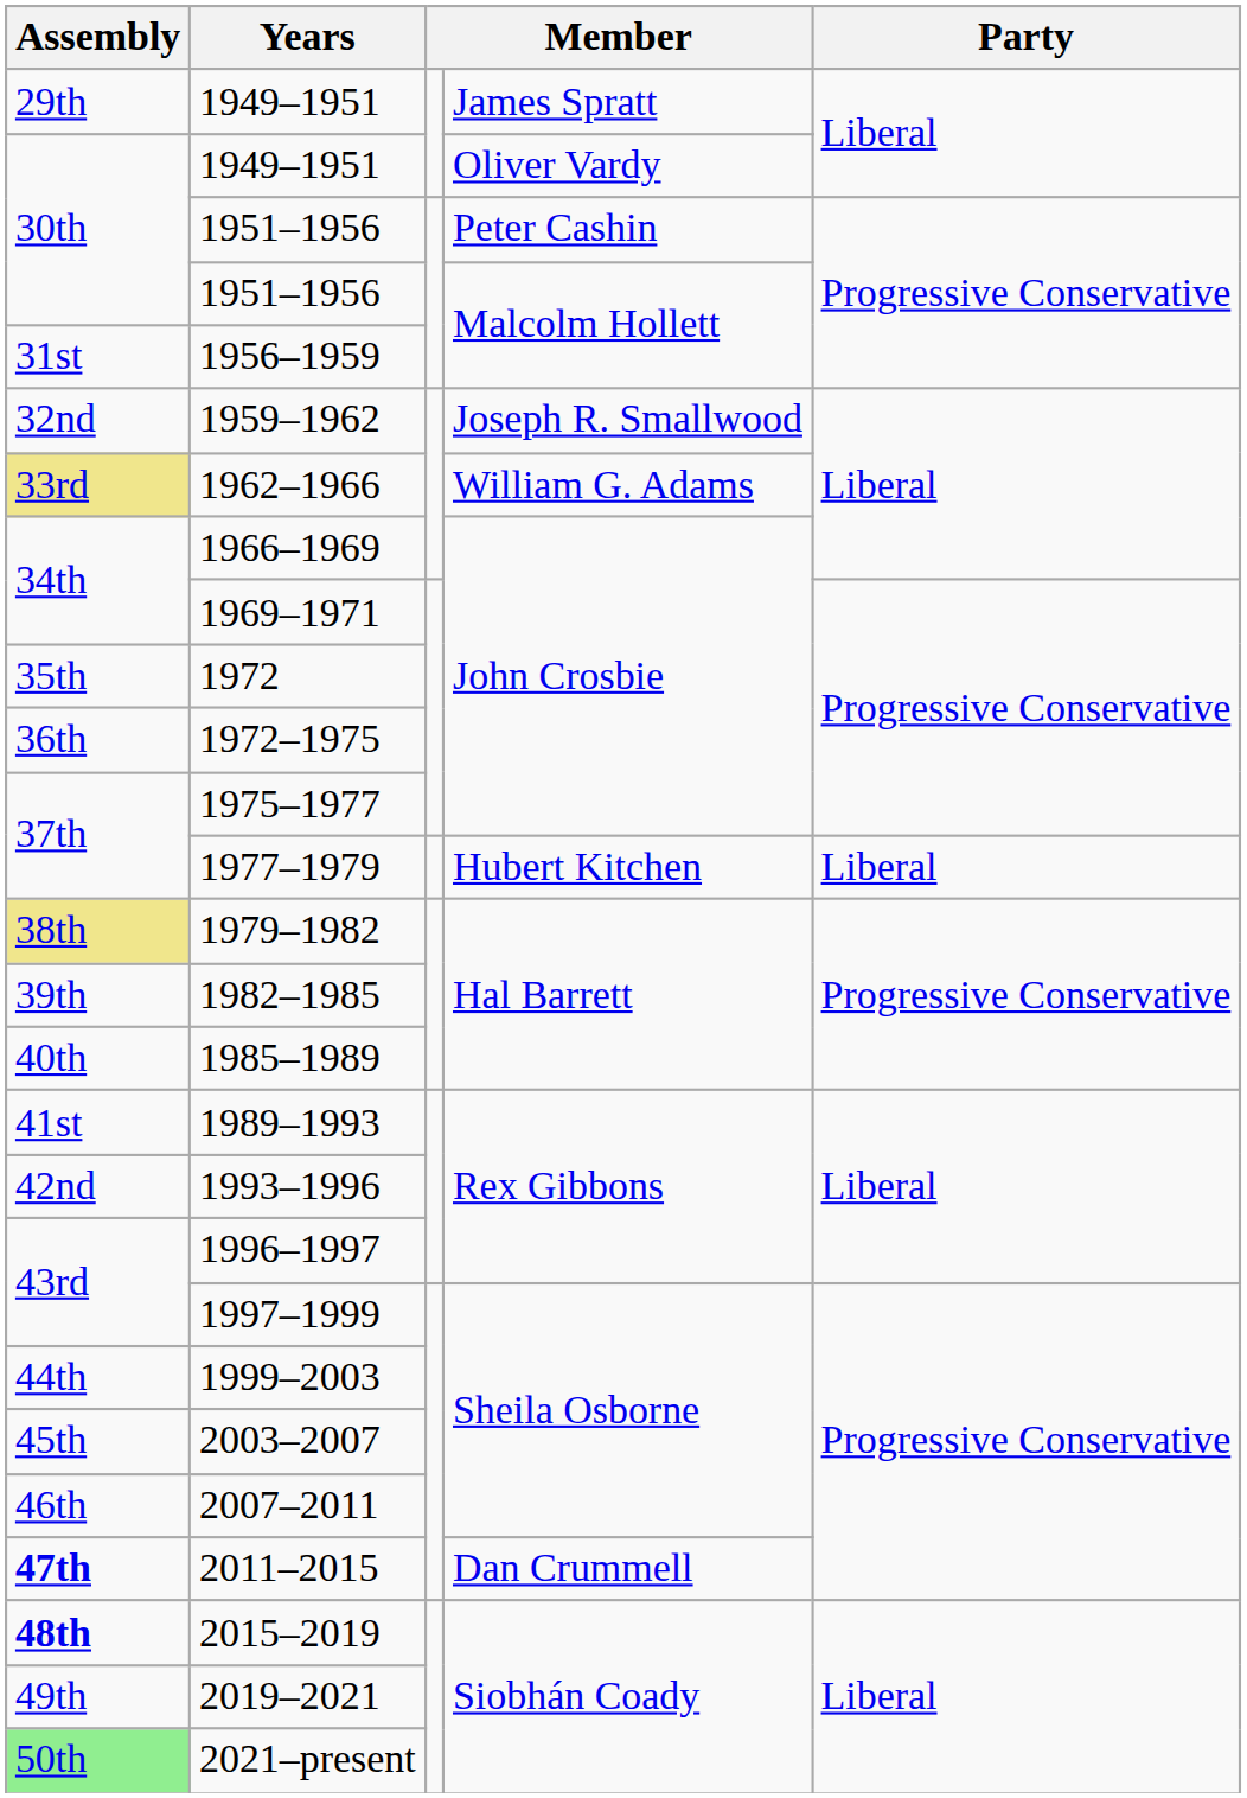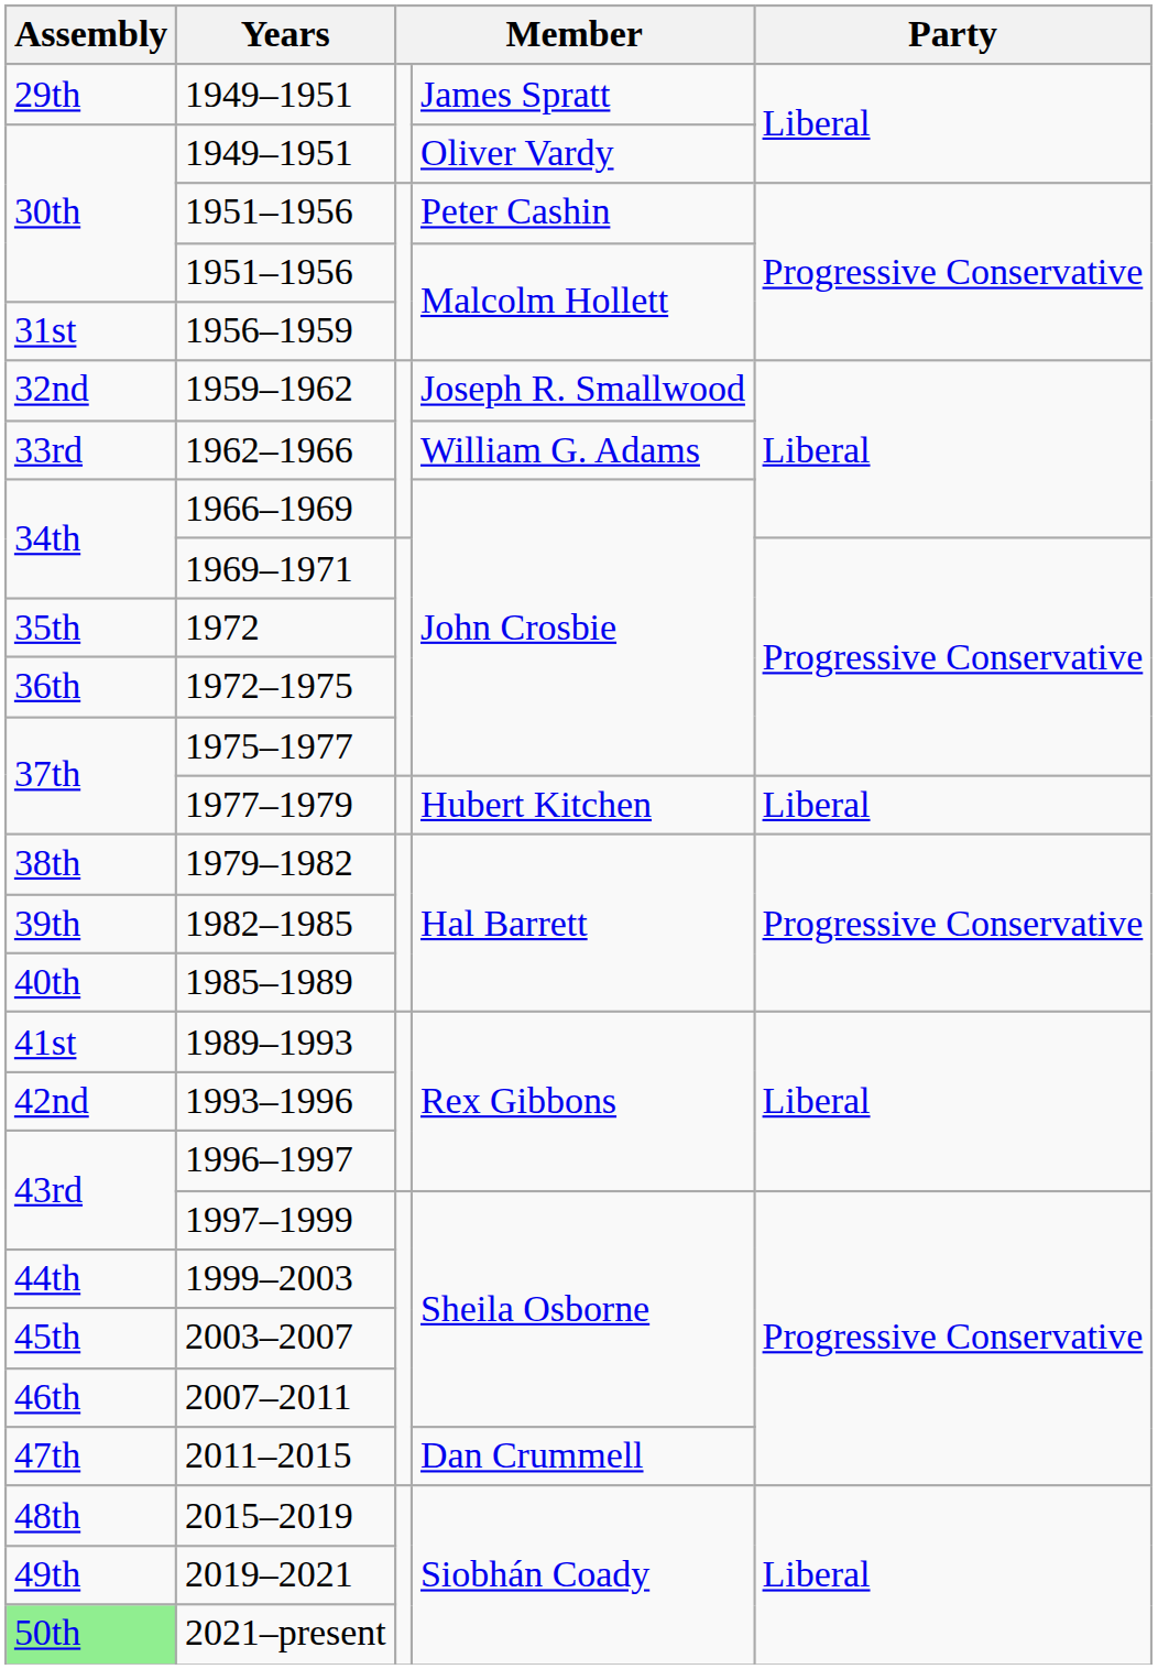 <table class="wikitable">
 <tr>
 <th>Assembly</th>
 <th>Years</th>
 <th colspan="2">Member</th>
 <th>Party</th>
 </tr>
 <tr>
 <td rowspan="2"><a href='#'>29th</a></td>
 <td rowspan="2">1949–1951</td>
 <td rowspan="3" ></td>
 <td><a href='#'>James Spratt</a></td>
 <td rowspan="3"><a href='#'>Liberal</a></td>
 </tr>
 <tr>
 <td rowspan="2"><a href='#'>Oliver Vardy</a></td>
 </tr>
 <tr>
 <td rowspan="3"><a href='#'>30th</a></td>
 <td>1949–1951</td>
 </tr>
 <tr>
 <td>1951–1956</td>
 <td rowspan="3" ></td>
 <td><a href='#'>Peter Cashin</a></td>
 <td rowspan="3"><a href='#'>Progressive Conservative</a></td>
 </tr>
 <tr>
 <td>1951–1956</td>
 <td rowspan="2"><a href='#'>Malcolm Hollett</a></td>
 </tr>
 <tr>
 <td><a href='#'>31st</a></td>
 <td>1956–1959</td>
 </tr>
 <tr>
 <td><a href='#'>32nd</a></td>
 <td>1959–1962</td>
 <td rowspan="3" ></td>
 <td><a href='#'>Joseph R. Smallwood</a></td>
 <td rowspan="3"><a href='#'>Liberal</a></td>
 </tr>
 <tr>
-<td style="background: khaki;"><a href='#'>33rd</a></td>
+<td><a href='#'>33rd</a></td>
 <td>1962–1966</td>
 <td><a href='#'>William G. Adams</a></td>
 </tr>
 <tr>
 <td rowspan="2"><a href='#'>34th</a></td>
 <td>1966–1969</td>
 <td rowspan="5"><a href='#'>John Crosbie</a></td>
 </tr>
 <tr>
 <td>1969–1971</td>
 <td rowspan="4" ></td>
 <td rowspan="4"><a href='#'>Progressive Conservative</a></td>
 </tr>
 <tr>
 <td><a href='#'>35th</a></td>
 <td>1972</td>
 </tr>
 <tr>
 <td><a href='#'>36th</a></td>
 <td>1972–1975</td>
 </tr>
 <tr>
 <td rowspan="2"><a href='#'>37th</a></td>
 <td>1975–1977</td>
 </tr>
 <tr>
 <td>1977–1979</td>
 <td></td>
 <td><a href='#'>Hubert Kitchen</a></td>
 <td><a href='#'>Liberal</a></td>
 </tr>
 <tr>
-<td style="background: khaki;"><a href='#'>38th</a></td>
+<td><a href='#'>38th</a></td>
 <td>1979–1982</td>
 <td rowspan="3" ></td>
 <td rowspan="3"><a href='#'>Hal Barrett</a></td>
 <td rowspan="3"><a href='#'>Progressive Conservative</a></td>
 </tr>
 <tr>
 <td><a href='#'>39th</a></td>
 <td>1982–1985</td>
 </tr>
 <tr>
 <td><a href='#'>40th</a></td>
 <td>1985–1989</td>
 </tr>
 <tr>
 <td><a href='#'>41st</a></td>
 <td>1989–1993</td>
 <td rowspan="3" ></td>
 <td rowspan="3"><a href='#'>Rex Gibbons</a></td>
 <td rowspan="3"><a href='#'>Liberal</a></td>
 </tr>
 <tr>
 <td><a href='#'>42nd</a></td>
 <td>1993–1996</td>
 </tr>
 <tr>
 <td rowspan="2"><a href='#'>43rd</a></td>
 <td>1996–1997</td>
 </tr>
 <tr>
 <td>1997–1999</td>
 <td rowspan="5" ></td>
 <td rowspan="4"><a href='#'>Sheila Osborne</a></td>
 <td rowspan="5"><a href='#'>Progressive Conservative</a></td>
 </tr>
 <tr>
 <td><a href='#'>44th</a></td>
 <td>1999–2003</td>
 </tr>
 <tr>
 <td><a href='#'>45th</a></td>
 <td>2003–2007</td>
 </tr>
 <tr>
 <td><a href='#'>46th</a></td>
 <td>2007–2011</td>
 </tr>
 <tr>
-<td><strong><a href='#'>47th</a></strong></td>
+<td><a href='#'>47th</a></td>
 <td>2011–2015</td>
 <td><a href='#'>Dan Crummell</a></td>
 </tr>
 <tr>
-<td><strong><a href='#'>48th</a></strong></td>
+<td><a href='#'>48th</a></td>
 <td>2015–2019</td>
 <td rowspan="3" ></td>
 <td rowspan="3"><a href='#'>Siobhán Coady</a></td>
 <td rowspan="3"><a href='#'>Liberal</a></td>
 </tr>
 <tr>
 <td><a href='#'>49th</a></td>
 <td>2019–2021</td>
 </tr>
 <tr>
 <td style="background: lightgreen;"><a href='#'>50th</a></td>
 <td>2021–present</td>
 </tr>
 </table>
